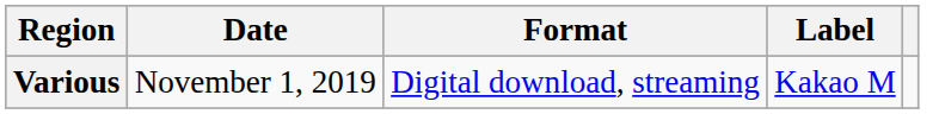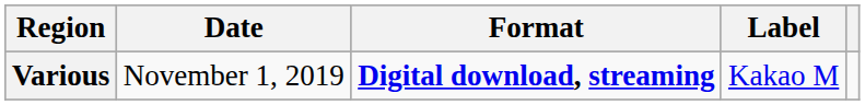 <table class="wikitable plainrowheaders">
 <tr>
 <th>Region</th>
 <th>Date</th>
 <th>Format</th>
 <th>Label</th>
 <th></th>
 </tr>
 <tr>
 <th scope="row">Various</th>
 <td>November 1, 2019</td>
-<td><a href='#'>Digital download</a>, <a href='#'>streaming</a></td>
+<td><strong><a href='#'>Digital download</a>, <a href='#'>streaming</a></strong></td>
 <td rowspan="2"><a href='#'>Kakao M</a></td>
 <td></td>
 </tr>
 </table>
